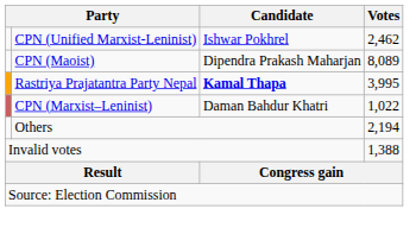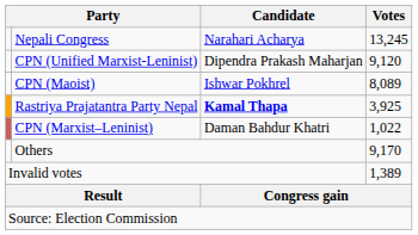 <table class="wikitable">
 <tr>
 <th colspan="2">Party</th>
 <th>Candidate</th>
 <th>Votes</th>
 </tr>
 <tr>
 <td style="background-color:"></td>
+<td><a href='#'>Nepali Congress</a></td>
+<td><a href='#'>Narahari Acharya</a></td>
+<td>13,245</td>
+</tr>
+<tr>
+<td style="background-color:"></td>
 <td><a href='#'>CPN (Unified Marxist-Leninist)</a></td>
-<td><a href='#'>Ishwar Pokhrel</a></td>
-<td>2,462</td>
+<td>Dipendra Prakash Maharjan</td>
+<td>9,120</td>
 </tr>
 <tr>
 <td style="background-color:"></td>
 <td><a href='#'>CPN (Maoist)</a></td>
-<td>Dipendra Prakash Maharjan</td>
+<td><a href='#'>Ishwar Pokhrel</a></td>
 <td>8,089</td>
 </tr>
 <tr>
 <td style="background-color:orange"></td>
 <td><a href='#'>Rastriya Prajatantra Party Nepal</a></td>
 <td><strong><a href='#'>Kamal Thapa</a></strong></td>
-<td>3,995</td>
+<td>3,925</td>
 </tr>
 <tr>
 <td style="background-color:indianred"></td>
 <td><a href='#'>CPN (Marxist–Leninist)</a></td>
 <td>Daman Bahdur Khatri</td>
 <td>1,022</td>
 </tr>
 <tr>
 <td></td>
 <td colspan="2">Others</td>
-<td>2,194</td>
+<td>9,170</td>
 </tr>
 <tr>
 <td colspan="3">Invalid votes</td>
-<td>1,388</td>
+<td>1,389</td>
 </tr>
 <tr>
 <th colspan="2">Result</th>
 <th colspan="2">Congress gain</th>
 </tr>
 <tr>
 <td colspan="4">Source: Election Commission</td>
 </tr>
 </table>
